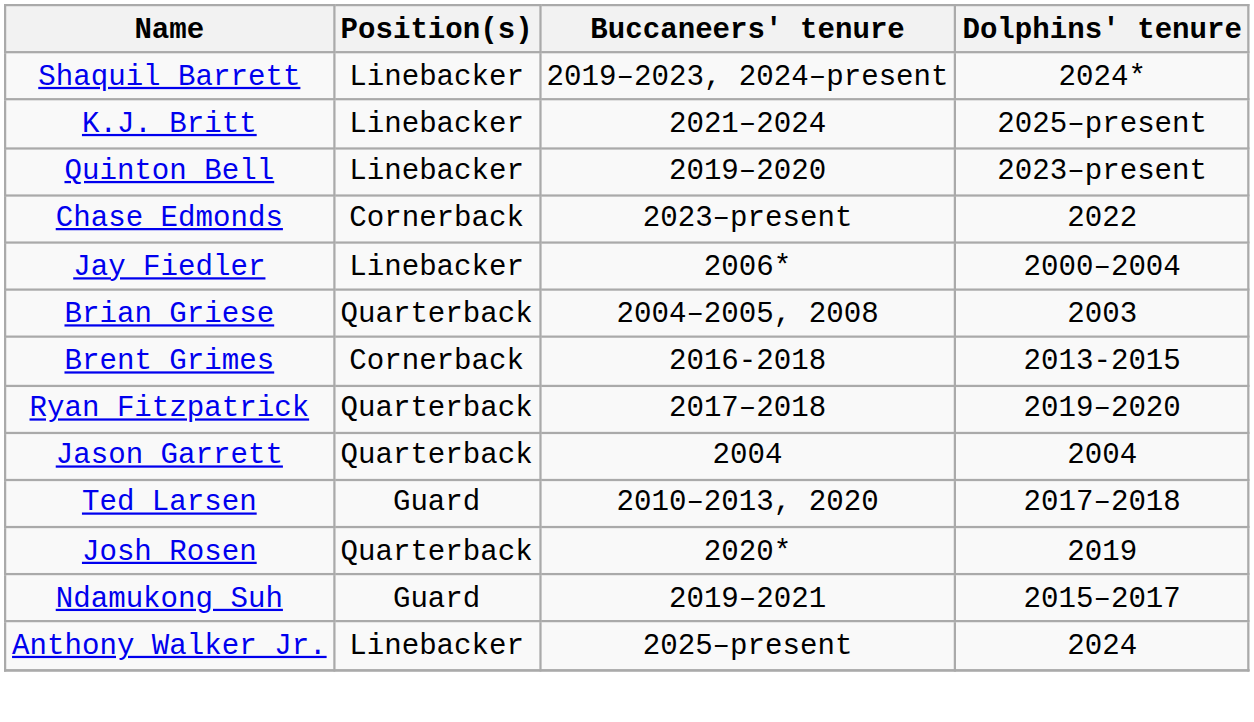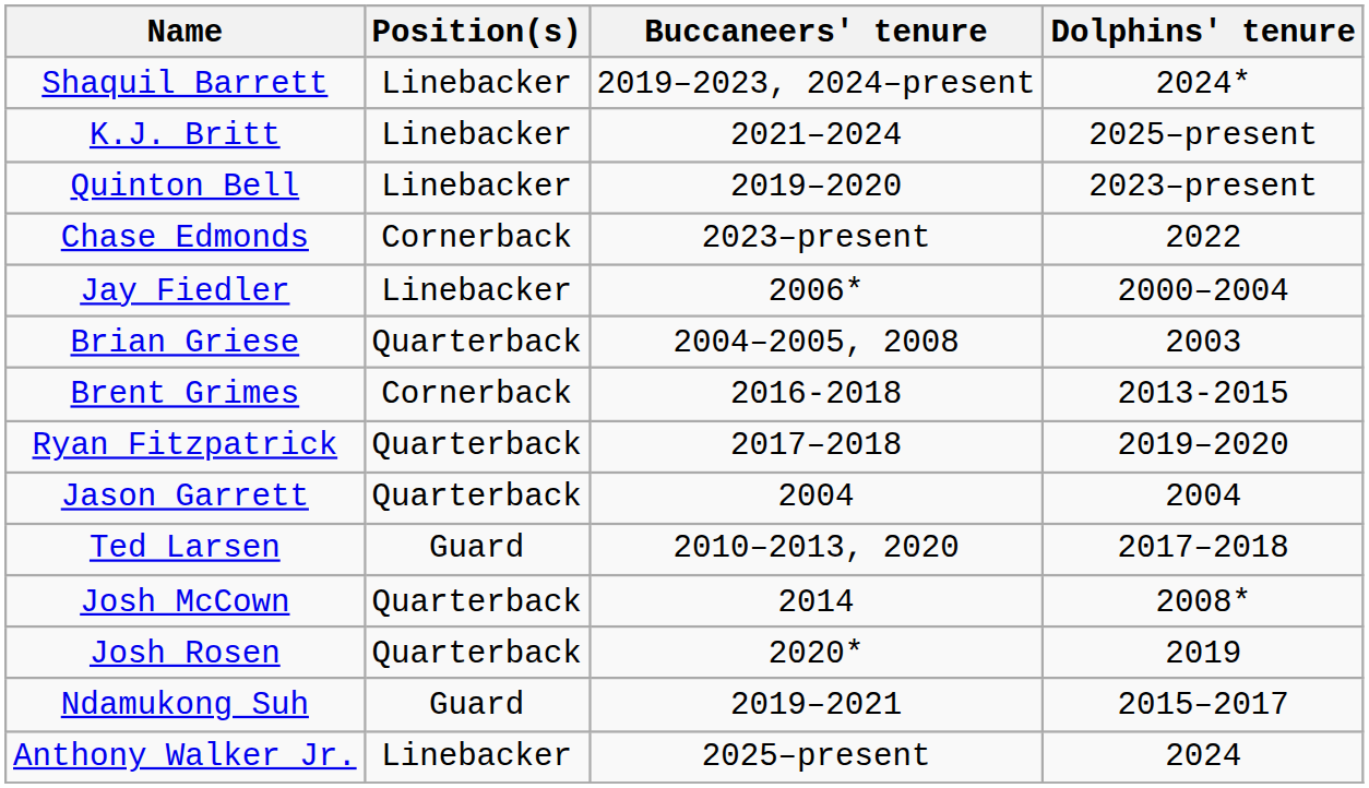 <table class="wikitable" style="text-align: center;">
 <tr>
 <th>Name</th>
 <th>Position(s)</th>
 <th>Buccaneers' tenure</th>
 <th>Dolphins' tenure</th>
 </tr>
 <tr>
 <td><a href='#'>Shaquil Barrett</a></td>
 <td>Linebacker</td>
 <td>2019–2023, 2024–present</td>
 <td>2024*</td>
 </tr>
 <tr>
 <td><a href='#'>K.J. Britt</a></td>
 <td>Linebacker</td>
 <td>2021–2024</td>
 <td>2025–present</td>
 </tr>
 <tr>
 <td><a href='#'>Quinton Bell</a></td>
 <td>Linebacker</td>
 <td>2019–2020</td>
 <td>2023–present</td>
 </tr>
 <tr>
 <td><a href='#'>Chase Edmonds</a></td>
 <td>Cornerback</td>
 <td>2023–present</td>
 <td>2022</td>
 </tr>
 <tr>
 <td><a href='#'>Jay Fiedler</a></td>
 <td>Linebacker</td>
 <td>2006*</td>
 <td>2000–2004</td>
 </tr>
 <tr>
 <td><a href='#'>Brian Griese</a></td>
 <td>Quarterback</td>
 <td>2004–2005, 2008</td>
 <td>2003</td>
 </tr>
 <tr>
 <td><a href='#'>Brent Grimes</a></td>
 <td>Cornerback</td>
 <td>2016-2018</td>
 <td>2013-2015</td>
 </tr>
 <tr>
 <td><a href='#'>Ryan Fitzpatrick</a></td>
 <td>Quarterback</td>
 <td>2017–2018</td>
 <td>2019–2020</td>
 </tr>
 <tr>
 <td><a href='#'>Jason Garrett</a></td>
 <td>Quarterback</td>
 <td>2004</td>
 <td>2004</td>
 </tr>
 <tr>
 <td><a href='#'>Ted Larsen</a></td>
 <td>Guard</td>
 <td>2010–2013, 2020</td>
 <td>2017–2018</td>
 </tr>
 <tr>
+<td><a href='#'>Josh McCown</a></td>
+<td>Quarterback</td>
+<td>2014</td>
+<td>2008*</td>
+</tr>
+<tr>
 <td><a href='#'>Josh Rosen</a></td>
 <td>Quarterback</td>
 <td>2020*</td>
 <td>2019</td>
 </tr>
 <tr>
 <td><a href='#'>Ndamukong Suh</a></td>
 <td>Guard</td>
 <td>2019–2021</td>
 <td>2015–2017</td>
 </tr>
 <tr>
 <td><a href='#'>Anthony Walker Jr.</a></td>
 <td>Linebacker</td>
 <td>2025–present</td>
 <td>2024</td>
 </tr>
 <tr>
 </tr>
 </table>
